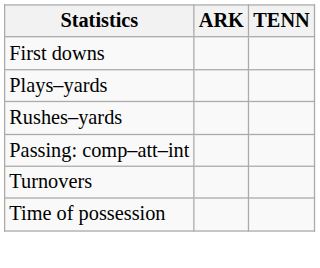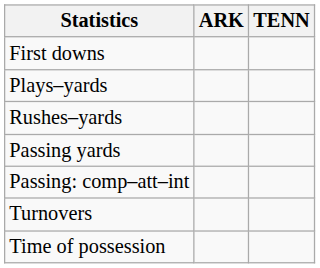 <table class="wikitable" style="float:left">
 <tr>
 <th>Statistics</th>
 <th>ARK</th>
 <th>TENN</th>
 </tr>
 <tr>
 <td>First downs</td>
 <td></td>
 <td></td>
 </tr>
 <tr>
 <td>Plays–yards</td>
 <td></td>
 <td></td>
 </tr>
 <tr>
 <td>Rushes–yards</td>
 <td></td>
 <td></td>
 </tr>
 <tr>
+<td>Passing yards</td>
+<td></td>
+<td></td>
+</tr>
+<tr>
 <td>Passing: comp–att–int</td>
 <td></td>
 <td></td>
 </tr>
 <tr>
 <td>Turnovers</td>
 <td></td>
 <td></td>
 </tr>
 <tr>
 <td>Time of possession</td>
 <td></td>
 <td></td>
 </tr>
 </table>
